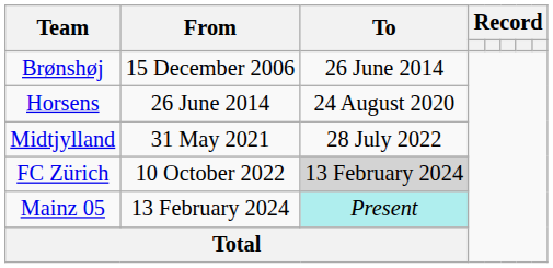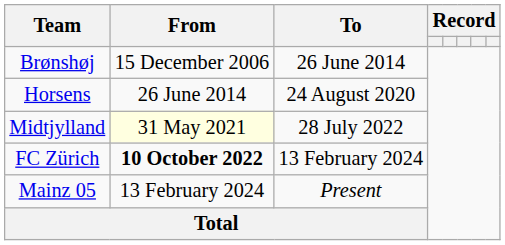 <table class="wikitable" style="text-align: center">
 <tr>
 <th rowspan="2">Team</th>
 <th rowspan="2">From</th>
 <th rowspan="2">To</th>
 <th colspan="8">Record</th>
 </tr>
 <tr>
 <th></th>
 <th></th>
 <th></th>
 <th></th>
 <th></th>
 </tr>
 <tr>
 <td><a href='#'>Brønshøj</a></td>
 <td>15 December 2006</td>
 <td>26 June 2014<br></td>
 </tr>
 <tr>
 <td><a href='#'>Horsens</a></td>
 <td>26 June 2014</td>
 <td>24 August 2020<br></td>
 </tr>
 <tr>
 <td><a href='#'>Midtjylland</a></td>
-<td>31 May 2021</td>
+<td style="background: lightyellow;">31 May 2021</td>
 <td>28 July 2022<br></td>
 </tr>
 <tr>
 <td><a href='#'>FC Zürich</a></td>
-<td>10 October 2022</td>
-<td style="background: lightgrey;">13 February 2024<br></td>
+<td><strong>10 October 2022</strong></td>
+<td>13 February 2024<br></td>
 </tr>
 <tr>
 <td><a href='#'>Mainz 05</a></td>
 <td>13 February 2024</td>
-<td style="background: paleturquoise;"><em>Present</em><br></td>
+<td><em>Present</em><br></td>
 </tr>
 <tr>
 <th colspan="3">Total<br></th>
 </tr>
 </table>
